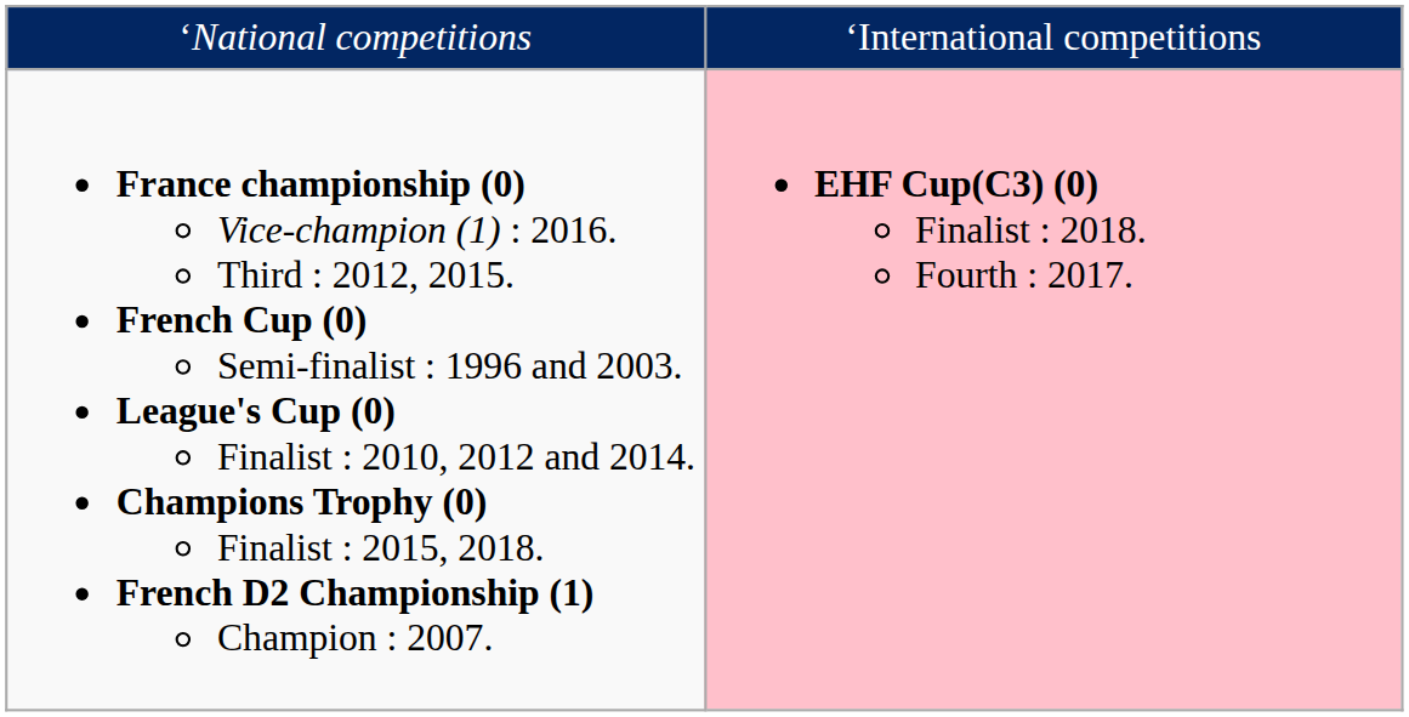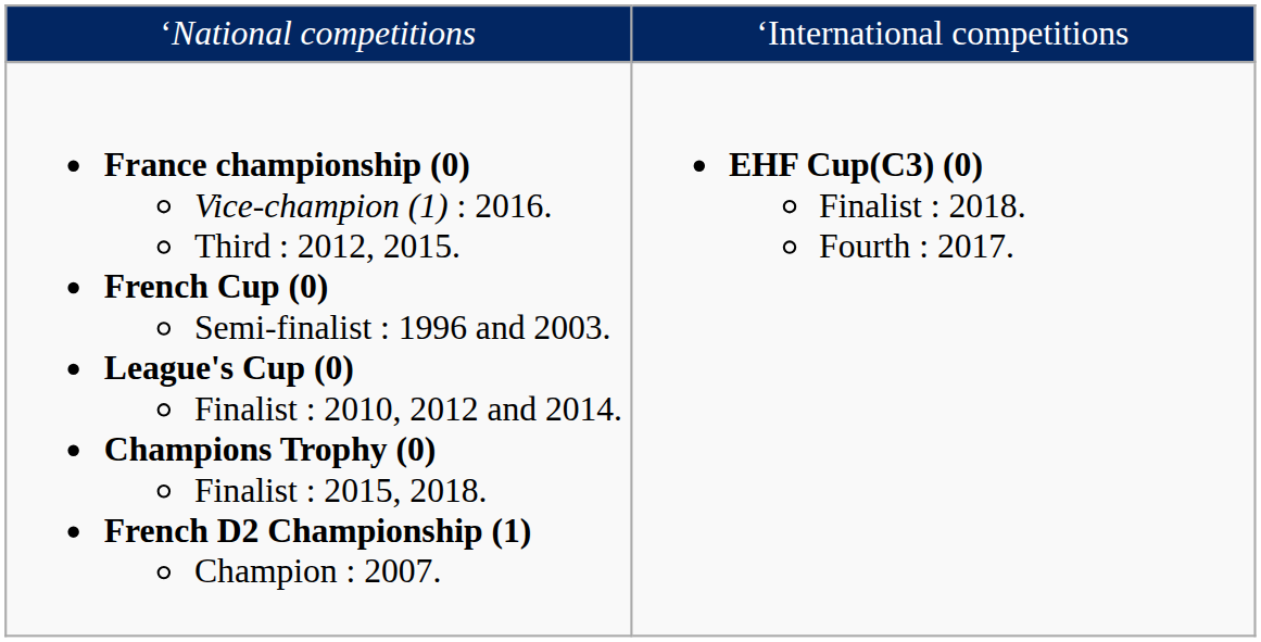 <table class="wikitable" style="font-size: 95%; margin:auto;">
 <tr style="color:#ffffff; background:#022662; text-align:center;">
 <td width="50%">‘<em>National competitions<strong></td>
 <td width="50%">‘</em>International competitions</strong></td>
 </tr>
 <tr>
 <td valign="top"><br><ul><li><strong>France championship (0)</strong><ul><li><em>Vice-champion (1)</em> : 2016.</li><li>Third : 2012, 2015.</li></ul></li><li><strong>French Cup (0)</strong><ul><li>Semi-finalist : 1996 and 2003.</li></ul></li><li><strong>League's Cup (0)</strong><ul><li>Finalist : 2010, 2012 and 2014.</li></ul></li><li><strong>Champions Trophy (0)</strong><ul><li>Finalist : 2015, 2018.</li></ul></li><li><strong>French D2 Championship (1)</strong><ul><li>Champion : 2007.</li></ul></li></ul></td>
-<td valign="top" style="background: pink;"><br><ul><li><strong>EHF Cup(C3) (0)</strong><ul><li>Finalist : 2018.</li><li>Fourth : 2017.</li></ul></li></ul></td>
+<td valign="top"><br><ul><li><strong>EHF Cup(C3) (0)</strong><ul><li>Finalist : 2018.</li><li>Fourth : 2017.</li></ul></li></ul></td>
 </tr>
 </table>
